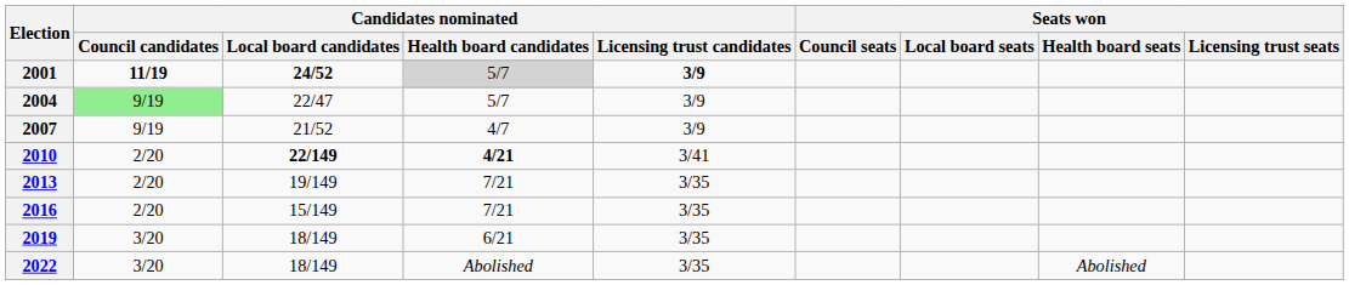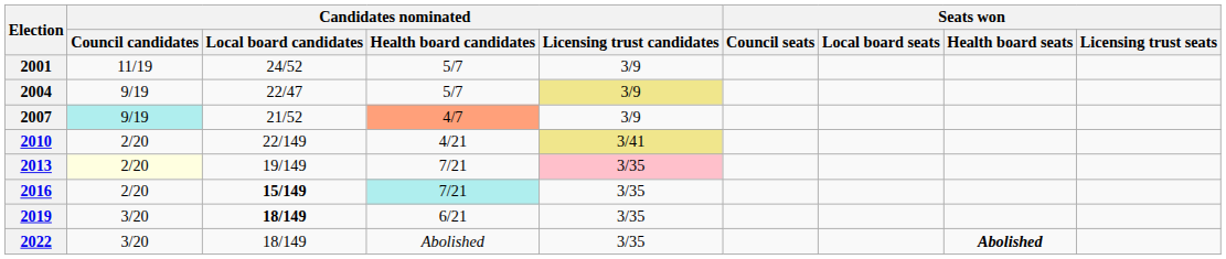 <table class=wikitable>
 <tr>
 <th rowspan=2>Election</th>
 <th colspan=4>Candidates nominated</th>
 <th colspan=4>Seats won</th>
 </tr>
 <tr style="text-align:center;">
 <th>Council candidates</th>
 <th>Local board candidates</th>
 <th>Health board candidates</th>
 <th>Licensing trust candidates</th>
 <th>Council seats</th>
 <th>Local board seats</th>
 <th>Health board seats</th>
 <th>Licensing trust seats</th>
 </tr>
 <tr style="text-align:center;">
 <th Auckland City local elections, 2001>2001</th>
-<td><strong>11/19</strong></td>
-<td><strong>24/52</strong></td>
-<td style="background: lightgrey;">5/7</td>
-<td><strong>3/9</strong></td>
-<td></td>
-<td></td>
-<td></td>
-<td></td>
-</tr>
-<tr style="text-align:center;">
-<th Auckland City local elections, 2004>2004</th>
-<td style="background: lightgreen;">9/19</td>
-<td>22/47</td>
+<td>11/19</td>
+<td>24/52</td>
 <td>5/7</td>
 <td>3/9</td>
 <td></td>
 <td></td>
 <td></td>
 <td></td>
 </tr>
 <tr style="text-align:center;">
+<th Auckland City local elections, 2004>2004</th>
+<td>9/19</td>
+<td>22/47</td>
+<td>5/7</td>
+<td style="background: khaki;">3/9</td>
+<td></td>
+<td></td>
+<td></td>
+<td></td>
+</tr>
+<tr style="text-align:center;">
 <th Auckland City local elections, 2007>2007</th>
-<td>9/19</td>
+<td style="background: paleturquoise;">9/19</td>
 <td>21/52</td>
-<td>4/7</td>
+<td style="background: lightsalmon;">4/7</td>
 <td>3/9</td>
 <td></td>
 <td></td>
 <td></td>
 <td></td>
 </tr>
 <tr style="text-align:center;">
 <th><a href='#'>2010</a></th>
 <td>2/20</td>
-<td><strong>22/149</strong></td>
-<td><strong>4/21</strong></td>
-<td>3/41</td>
+<td>22/149</td>
+<td>4/21</td>
+<td style="background: khaki;">3/41</td>
 <td></td>
 <td></td>
 <td></td>
 <td></td>
 </tr>
 <tr style="text-align:center;">
 <th><a href='#'>2013</a></th>
-<td>2/20</td>
+<td style="background: lightyellow;">2/20</td>
 <td>19/149</td>
 <td>7/21</td>
-<td>3/35</td>
+<td style="background: pink;">3/35</td>
 <td></td>
 <td></td>
 <td></td>
 <td></td>
 </tr>
 <tr style="text-align:center;">
 <th><a href='#'>2016</a></th>
 <td>2/20</td>
-<td>15/149</td>
-<td>7/21</td>
+<td><strong>15/149</strong></td>
+<td style="background: paleturquoise;">7/21</td>
 <td>3/35</td>
 <td></td>
 <td></td>
 <td></td>
 <td></td>
 </tr>
 <tr style="text-align:center;">
 <th><a href='#'>2019</a></th>
 <td>3/20</td>
-<td>18/149</td>
+<td><strong>18/149</strong></td>
 <td>6/21</td>
 <td>3/35</td>
 <td></td>
 <td></td>
 <td></td>
 <td></td>
 </tr>
 <tr style="text-align:center;">
 <th><a href='#'>2022</a></th>
 <td>3/20</td>
 <td>18/149</td>
 <td><em>Abolished</em></td>
 <td>3/35</td>
 <td></td>
 <td></td>
-<td><em>Abolished</em></td>
+<td><strong><em>Abolished</em></strong></td>
 <td></td>
 </tr>
 </table>
